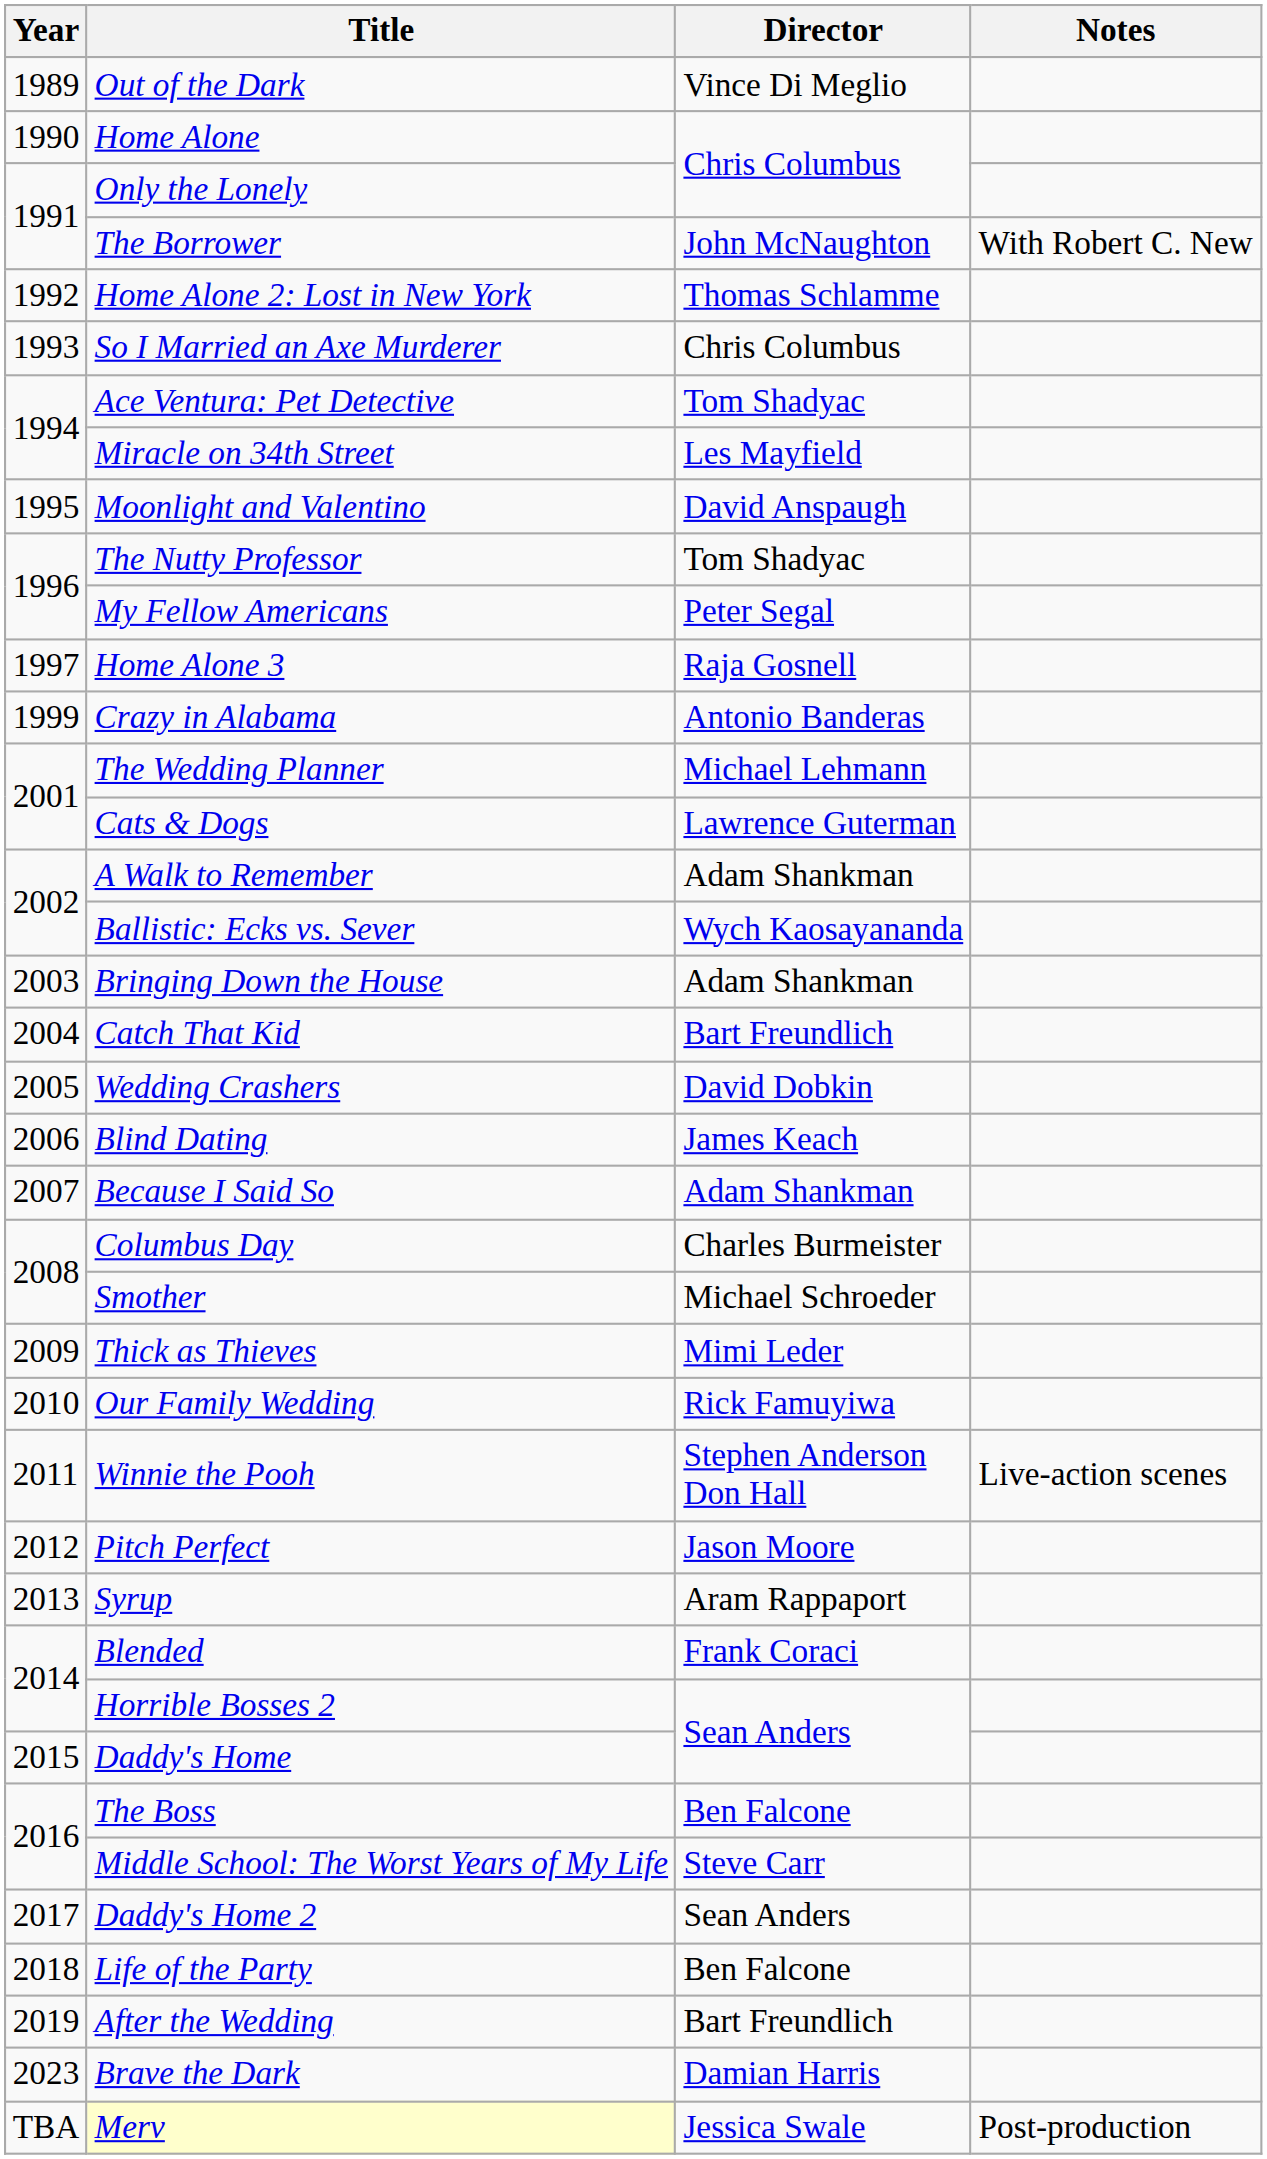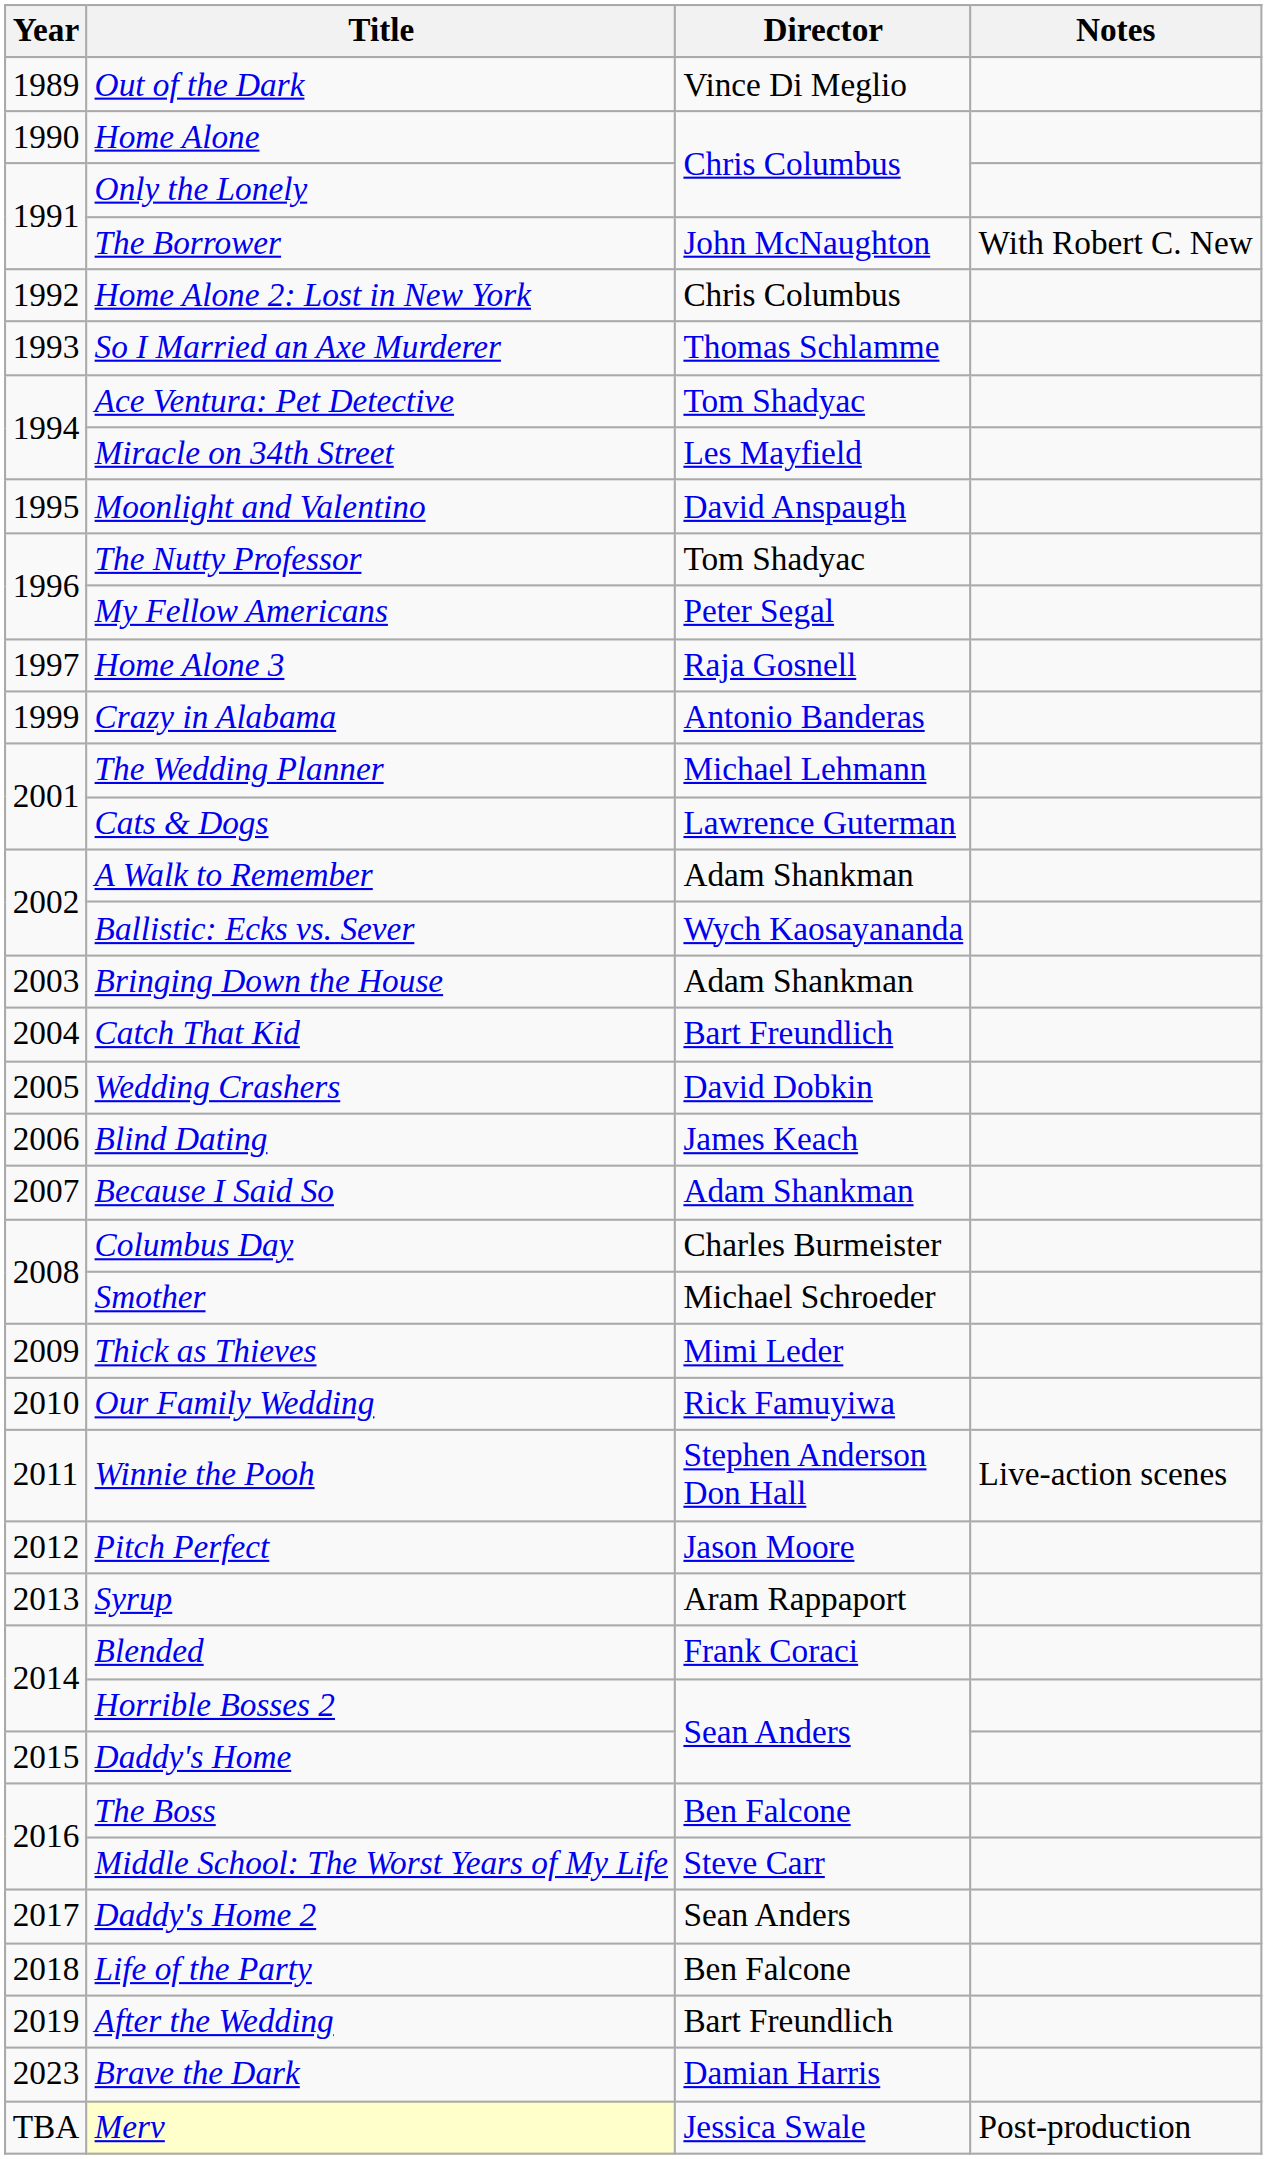 <table class="wikitable">
 <tr>
 <th>Year</th>
 <th>Title</th>
 <th>Director</th>
 <th>Notes</th>
 </tr>
 <tr>
 <td>1989</td>
 <td><em><a href='#'>Out of the Dark</a></em></td>
 <td>Vince Di Meglio</td>
 <td></td>
 </tr>
 <tr>
 <td>1990</td>
 <td><em><a href='#'>Home Alone</a></em></td>
 <td rowspan=2><a href='#'>Chris Columbus</a></td>
 <td></td>
 </tr>
 <tr>
 <td rowspan=2>1991</td>
 <td><em><a href='#'>Only the Lonely</a></em></td>
 <td></td>
 </tr>
 <tr>
 <td><em><a href='#'>The Borrower</a></em></td>
 <td><a href='#'>John McNaughton</a></td>
 <td>With Robert C. New</td>
 </tr>
 <tr>
 <td>1992</td>
 <td><em><a href='#'>Home Alone 2: Lost in New York</a></em></td>
-<td><a href='#'>Thomas Schlamme</a></td>
+<td>Chris Columbus</td>
 <td></td>
 </tr>
 <tr>
 <td>1993</td>
 <td><em><a href='#'>So I Married an Axe Murderer</a></em></td>
-<td>Chris Columbus</td>
+<td><a href='#'>Thomas Schlamme</a></td>
 <td></td>
 </tr>
 <tr>
 <td rowspan=2>1994</td>
 <td><em><a href='#'>Ace Ventura: Pet Detective</a></em></td>
 <td><a href='#'>Tom Shadyac</a></td>
 <td></td>
 </tr>
 <tr>
 <td><em><a href='#'>Miracle on 34th Street</a></em></td>
 <td><a href='#'>Les Mayfield</a></td>
 <td></td>
 </tr>
 <tr>
 <td>1995</td>
 <td><em><a href='#'>Moonlight and Valentino</a></em></td>
 <td><a href='#'>David Anspaugh</a></td>
 <td></td>
 </tr>
 <tr>
 <td rowspan=2>1996</td>
 <td><em><a href='#'>The Nutty Professor</a></em></td>
 <td>Tom Shadyac</td>
 <td></td>
 </tr>
 <tr>
 <td><em><a href='#'>My Fellow Americans</a></em></td>
 <td><a href='#'>Peter Segal</a></td>
 <td></td>
 </tr>
 <tr>
 <td>1997</td>
 <td><em><a href='#'>Home Alone 3</a></em></td>
 <td><a href='#'>Raja Gosnell</a></td>
 <td></td>
 </tr>
 <tr>
 <td>1999</td>
 <td><em><a href='#'>Crazy in Alabama</a></em></td>
 <td><a href='#'>Antonio Banderas</a></td>
 <td></td>
 </tr>
 <tr>
 <td rowspan=2>2001</td>
 <td><em><a href='#'>The Wedding Planner</a></em></td>
 <td><a href='#'>Michael Lehmann</a></td>
 <td></td>
 </tr>
 <tr>
 <td><em><a href='#'>Cats & Dogs</a></em></td>
 <td><a href='#'>Lawrence Guterman</a></td>
 <td></td>
 </tr>
 <tr>
 <td rowspan=2>2002</td>
 <td><em><a href='#'>A Walk to Remember</a></em></td>
 <td>Adam Shankman</td>
 <td></td>
 </tr>
 <tr>
 <td><em><a href='#'>Ballistic: Ecks vs. Sever</a></em></td>
 <td><a href='#'>Wych Kaosayananda</a></td>
 <td></td>
 </tr>
 <tr>
 <td>2003</td>
 <td><em><a href='#'>Bringing Down the House</a></em></td>
 <td>Adam Shankman</td>
 <td></td>
 </tr>
 <tr>
 <td>2004</td>
 <td><em><a href='#'>Catch That Kid</a></em></td>
 <td><a href='#'>Bart Freundlich</a></td>
 <td></td>
 </tr>
 <tr>
 <td>2005</td>
 <td><em><a href='#'>Wedding Crashers</a></em></td>
 <td><a href='#'>David Dobkin</a></td>
 <td></td>
 </tr>
 <tr>
 <td>2006</td>
 <td><em><a href='#'>Blind Dating</a></em></td>
 <td><a href='#'>James Keach</a></td>
 <td></td>
 </tr>
 <tr>
 <td>2007</td>
 <td><em><a href='#'>Because I Said So</a></em></td>
 <td><a href='#'>Adam Shankman</a></td>
 <td></td>
 </tr>
 <tr>
 <td rowspan=2>2008</td>
 <td><em><a href='#'>Columbus Day</a></em></td>
 <td>Charles Burmeister</td>
 <td></td>
 </tr>
 <tr>
 <td><em><a href='#'>Smother</a></em></td>
 <td>Michael Schroeder</td>
 <td></td>
 </tr>
 <tr>
 <td>2009</td>
 <td><em><a href='#'>Thick as Thieves</a></em></td>
 <td><a href='#'>Mimi Leder</a></td>
 <td></td>
 </tr>
 <tr>
 <td>2010</td>
 <td><em><a href='#'>Our Family Wedding</a></em></td>
 <td><a href='#'>Rick Famuyiwa</a></td>
 <td></td>
 </tr>
 <tr>
 <td>2011</td>
 <td><em><a href='#'>Winnie the Pooh</a></em></td>
 <td><a href='#'>Stephen Anderson</a><br><a href='#'>Don Hall</a></td>
 <td>Live-action scenes</td>
 </tr>
 <tr>
 <td>2012</td>
 <td><em><a href='#'>Pitch Perfect</a></em></td>
 <td><a href='#'>Jason Moore</a></td>
 <td></td>
 </tr>
 <tr>
 <td>2013</td>
 <td><em><a href='#'>Syrup</a></em></td>
 <td>Aram Rappaport</td>
 <td></td>
 </tr>
 <tr>
 <td rowspan=2>2014</td>
 <td><em><a href='#'>Blended</a></em></td>
 <td><a href='#'>Frank Coraci</a></td>
 <td></td>
 </tr>
 <tr>
 <td><em><a href='#'>Horrible Bosses 2</a></em></td>
 <td rowspan=2><a href='#'>Sean Anders</a></td>
 <td></td>
 </tr>
 <tr>
 <td>2015</td>
 <td><em><a href='#'>Daddy's Home</a></em></td>
 <td></td>
 </tr>
 <tr>
 <td rowspan=2>2016</td>
 <td><em><a href='#'>The Boss</a></em></td>
 <td><a href='#'>Ben Falcone</a></td>
 <td></td>
 </tr>
 <tr>
 <td><em><a href='#'>Middle School: The Worst Years of My Life</a></em></td>
 <td><a href='#'>Steve Carr</a></td>
 <td></td>
 </tr>
 <tr>
 <td>2017</td>
 <td><em><a href='#'>Daddy's Home 2</a></em></td>
 <td>Sean Anders</td>
 <td></td>
 </tr>
 <tr>
 <td>2018</td>
 <td><em><a href='#'>Life of the Party</a></em></td>
 <td>Ben Falcone</td>
 <td></td>
 </tr>
 <tr>
 <td>2019</td>
 <td><em><a href='#'>After the Wedding</a></em></td>
 <td>Bart Freundlich</td>
 <td></td>
 </tr>
 <tr>
 <td>2023</td>
 <td><em><a href='#'>Brave the Dark</a></em></td>
 <td><a href='#'>Damian Harris</a></td>
 <td></td>
 </tr>
 <tr>
 <td>TBA</td>
 <td style="background:#ffc;"><em><a href='#'>Merv</a></em> </td>
 <td><a href='#'>Jessica Swale</a></td>
 <td>Post-production</td>
 </tr>
 </table>
